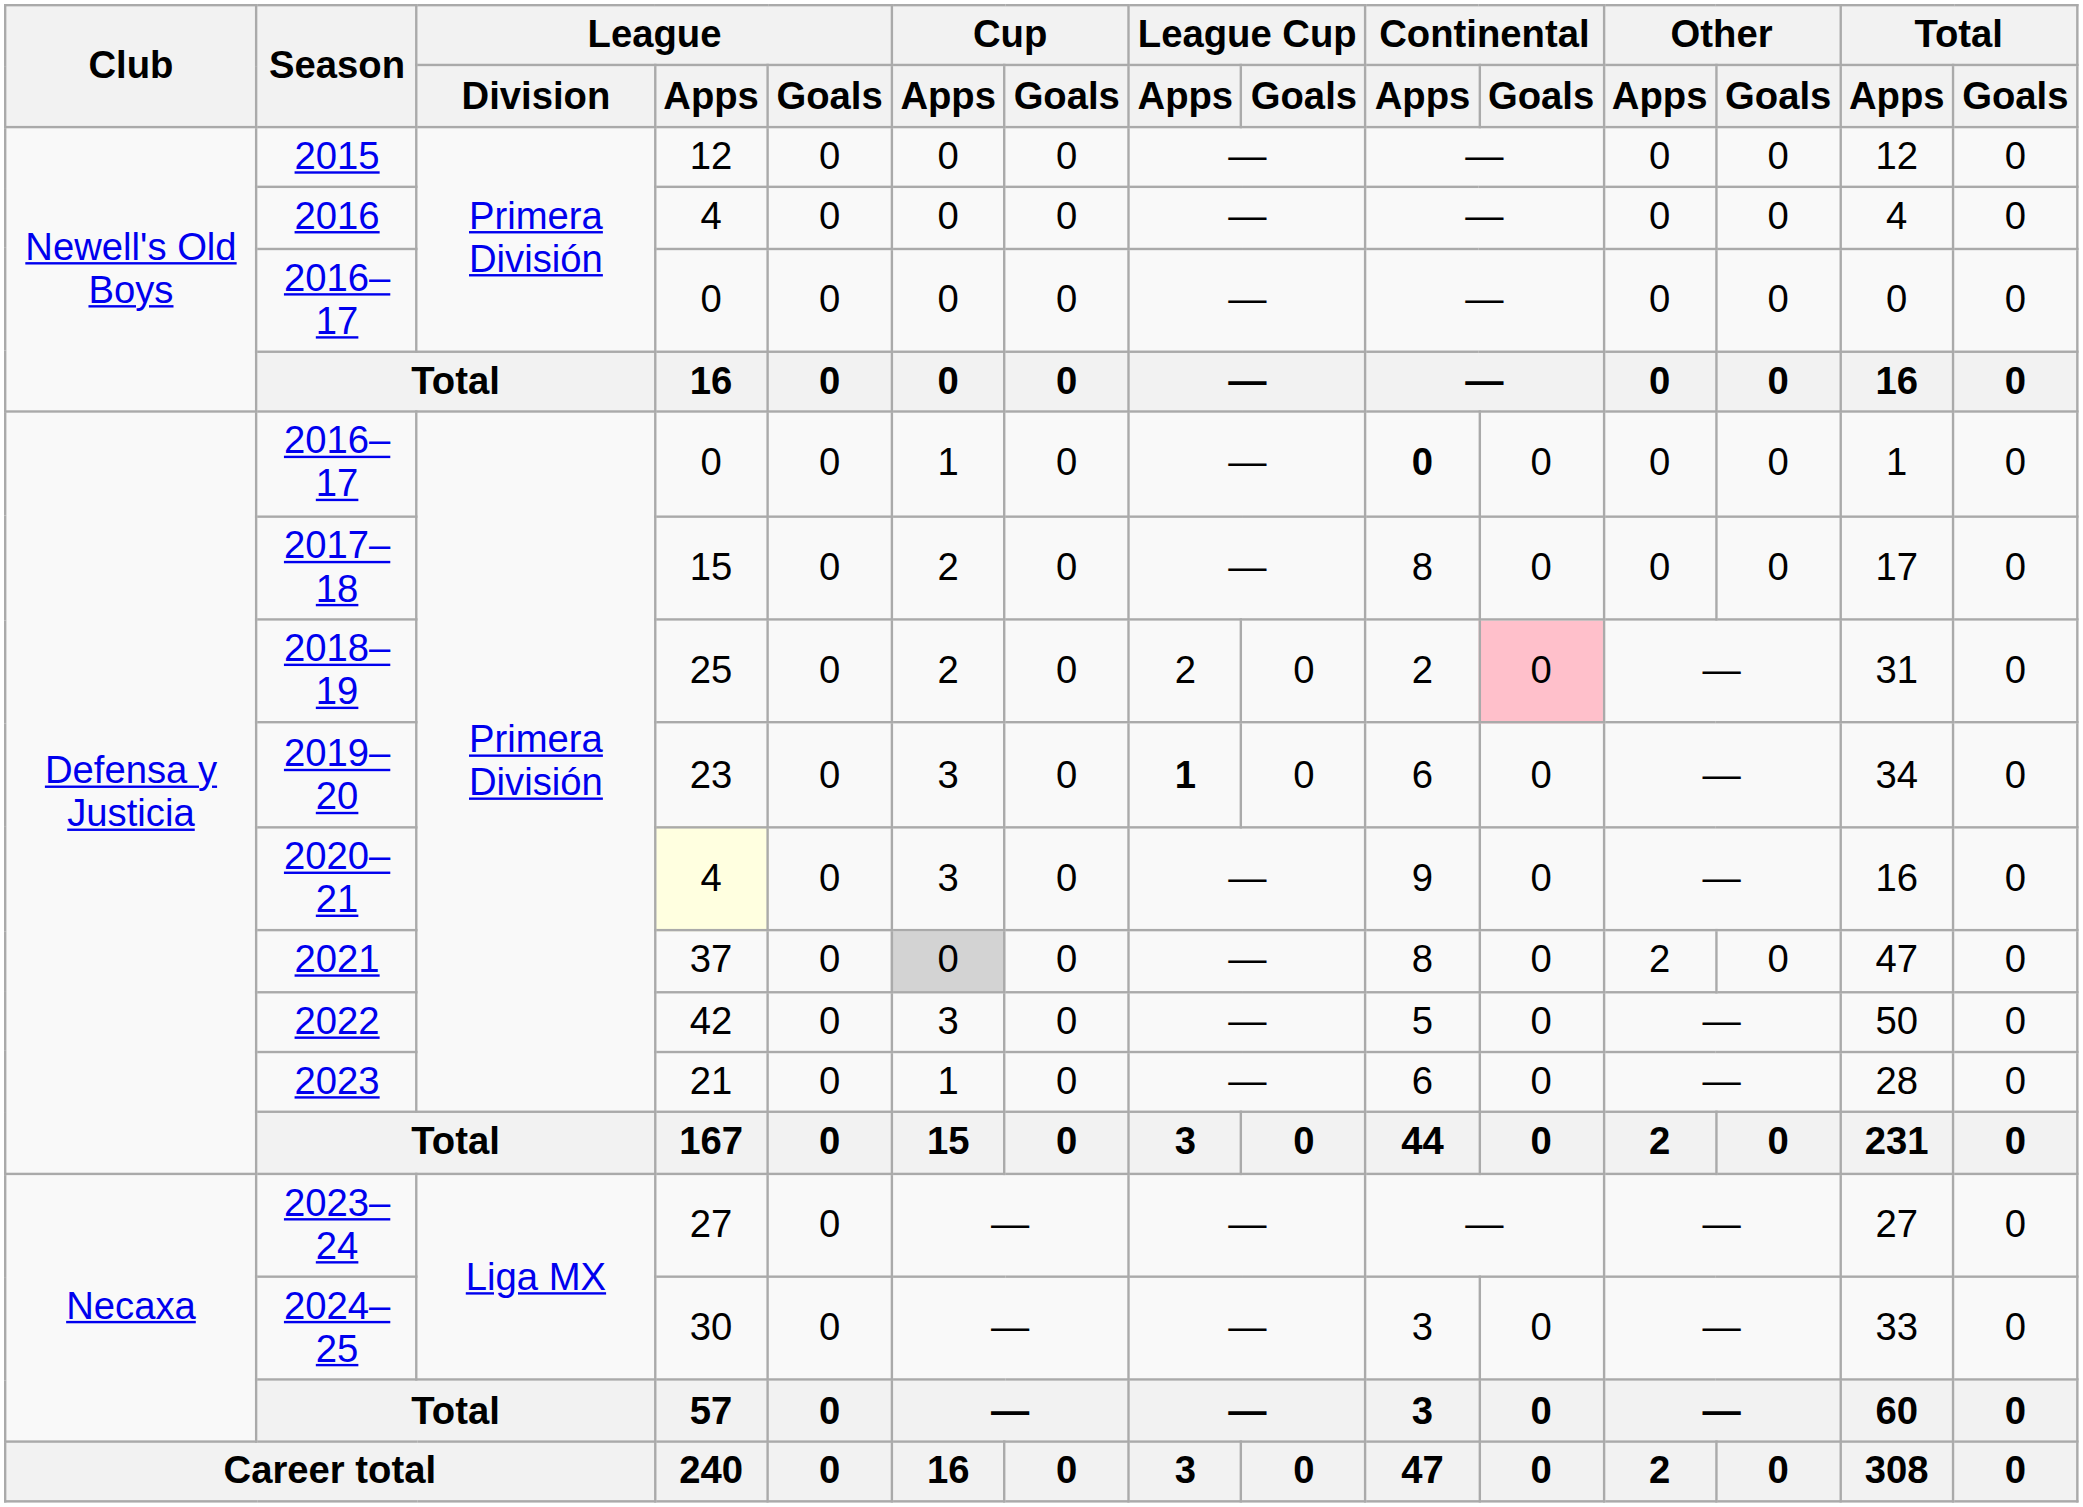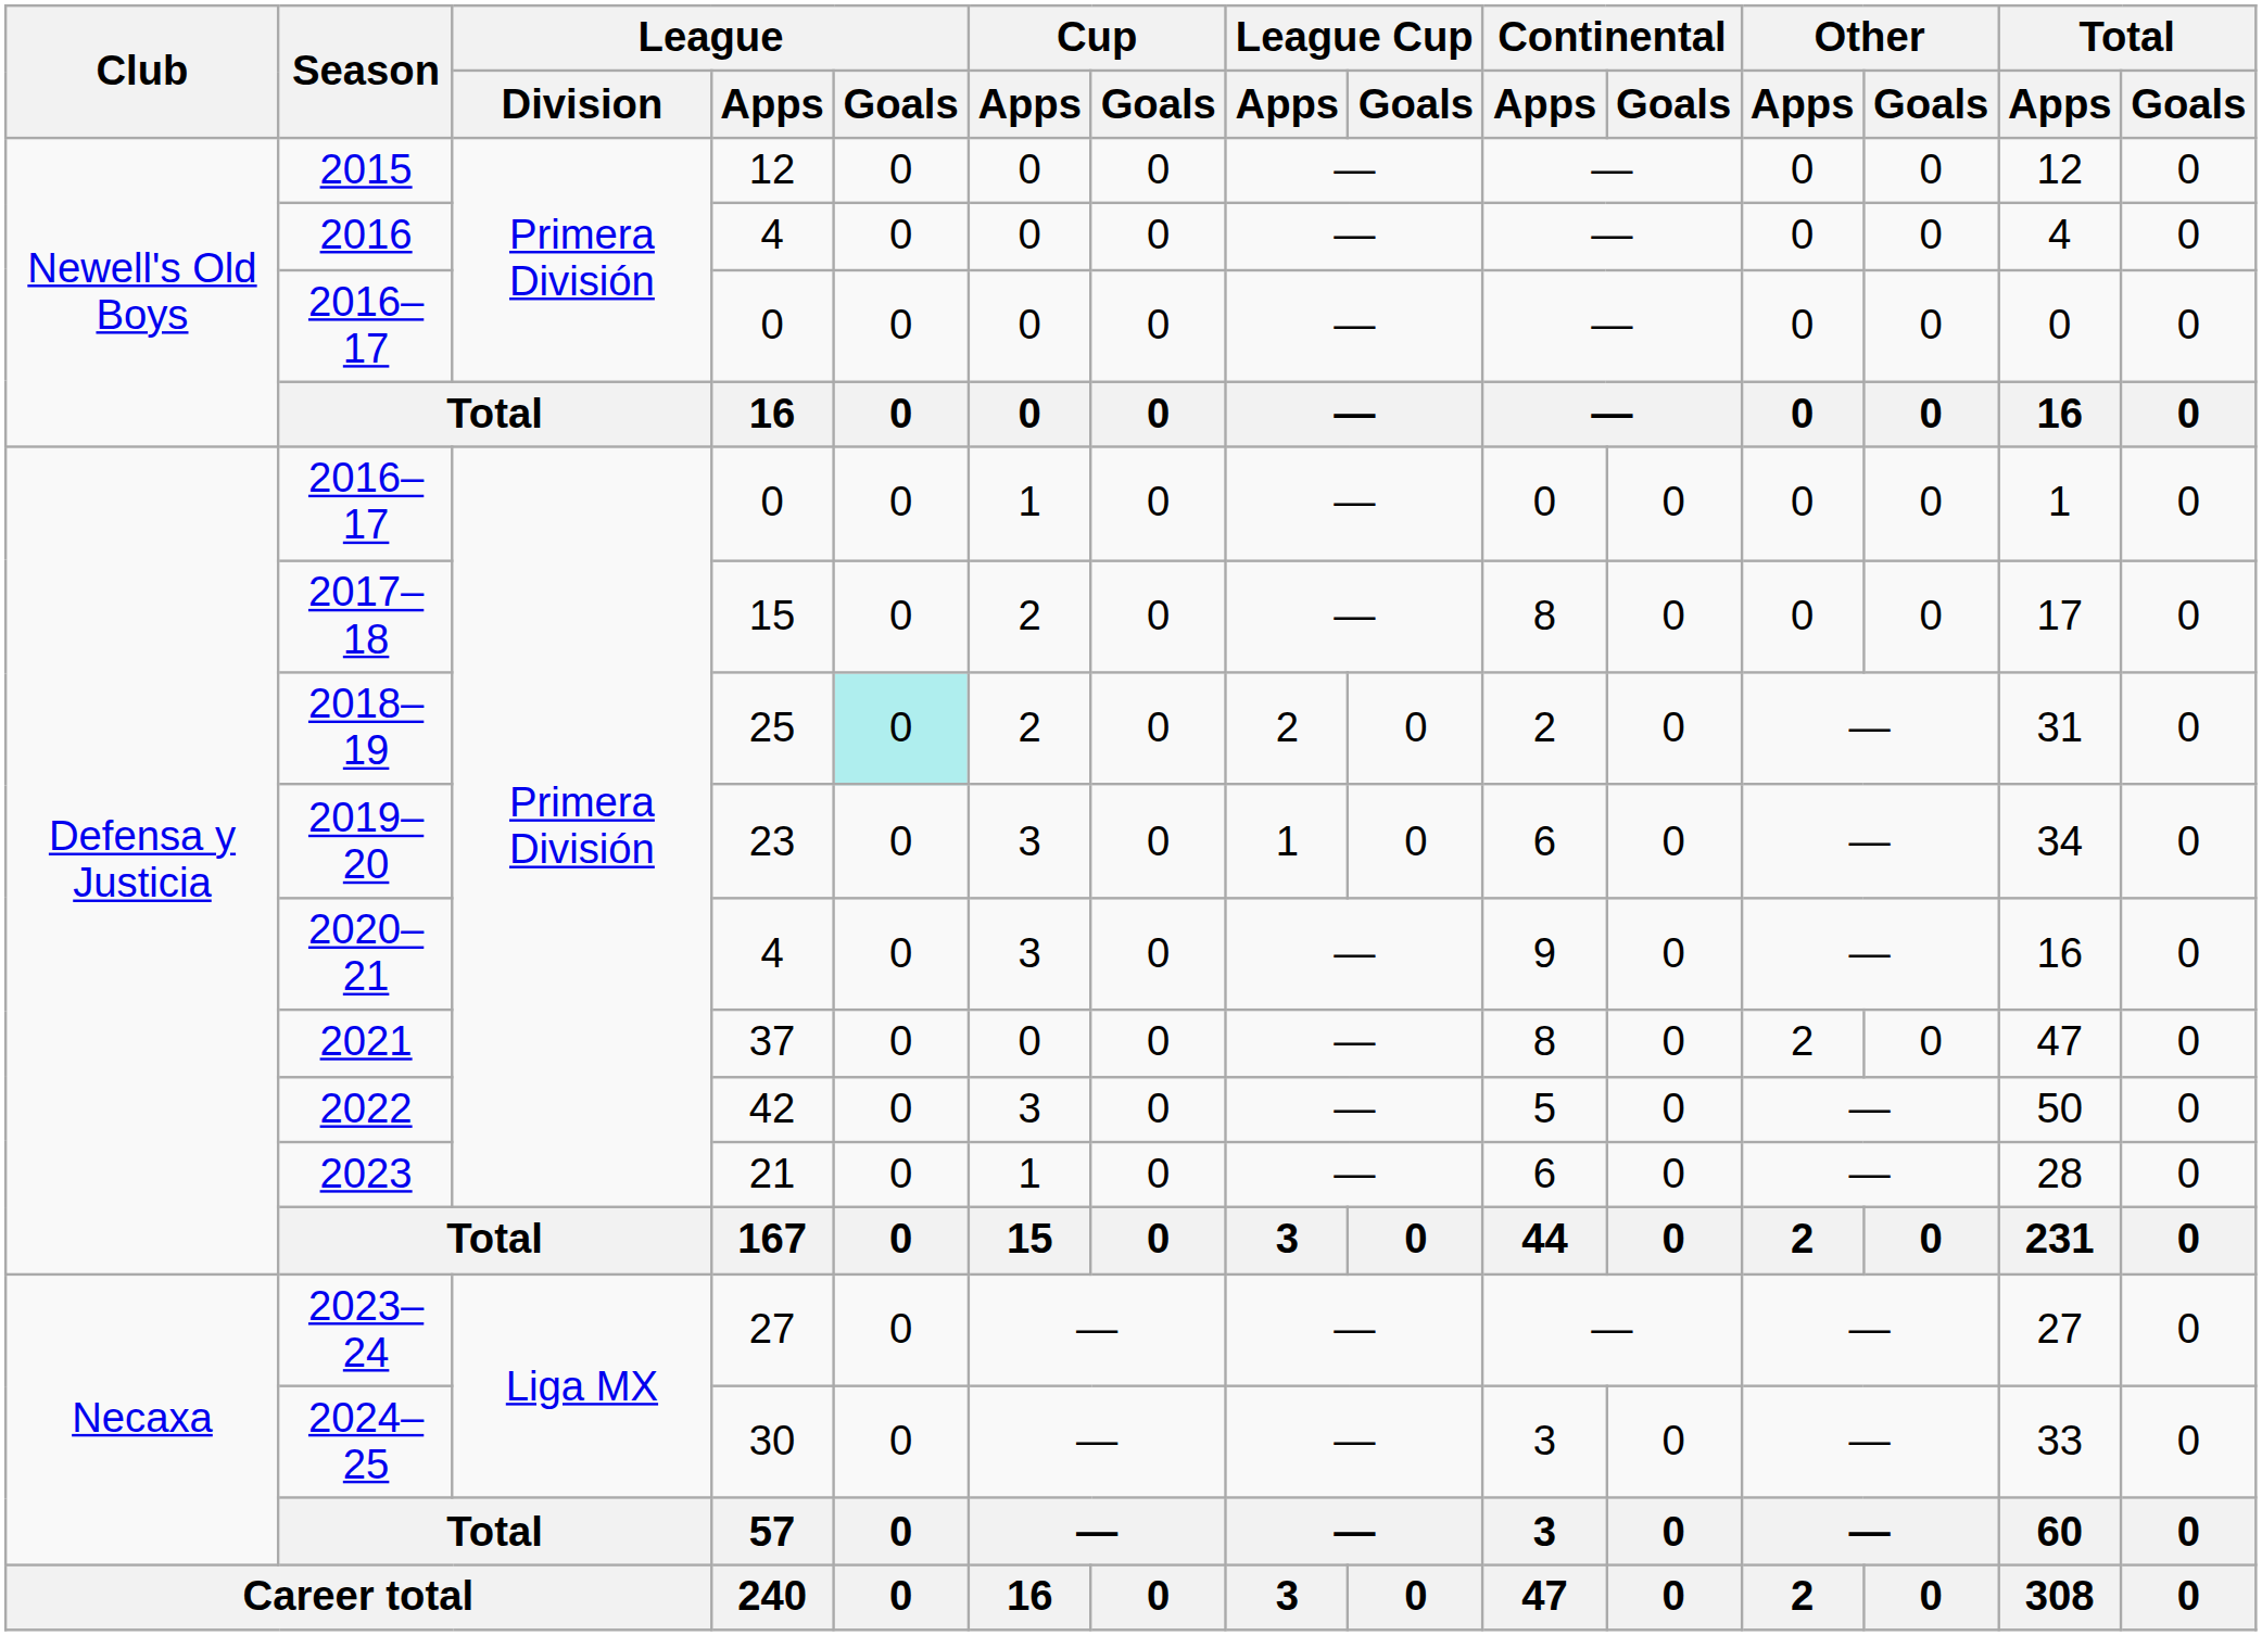 <table class="wikitable" style="text-align:center">
 <tr>
 <th rowspan="2">Club</th>
 <th rowspan="2">Season</th>
 <th colspan="3">League</th>
 <th colspan="2">Cup</th>
 <th colspan="2">League Cup</th>
 <th colspan="2">Continental</th>
 <th colspan="2">Other</th>
 <th colspan="2">Total</th>
 </tr>
 <tr>
 <th>Division</th>
 <th>Apps</th>
 <th>Goals</th>
 <th>Apps</th>
 <th>Goals</th>
 <th>Apps</th>
 <th>Goals</th>
 <th>Apps</th>
 <th>Goals</th>
 <th>Apps</th>
 <th>Goals</th>
 <th>Apps</th>
 <th>Goals</th>
 </tr>
 <tr>
 <td rowspan="4"><a href='#'>Newell's Old Boys</a></td>
 <td><a href='#'>2015</a></td>
 <td rowspan="3"><a href='#'>Primera División</a></td>
 <td>12</td>
 <td>0</td>
 <td>0</td>
 <td>0</td>
 <td colspan="2">—</td>
 <td colspan="2">—</td>
 <td>0</td>
 <td>0</td>
 <td>12</td>
 <td>0</td>
 </tr>
 <tr>
 <td><a href='#'>2016</a></td>
 <td>4</td>
 <td>0</td>
 <td>0</td>
 <td>0</td>
 <td colspan="2">—</td>
 <td colspan="2">—</td>
 <td>0</td>
 <td>0</td>
 <td>4</td>
 <td>0</td>
 </tr>
 <tr>
 <td><a href='#'>2016–17</a></td>
 <td>0</td>
 <td>0</td>
 <td>0</td>
 <td>0</td>
 <td colspan="2">—</td>
 <td colspan="2">—</td>
 <td>0</td>
 <td>0</td>
 <td>0</td>
 <td>0</td>
 </tr>
 <tr>
 <th colspan="2">Total</th>
 <th>16</th>
 <th>0</th>
 <th>0</th>
 <th>0</th>
 <th colspan="2">—</th>
 <th colspan="2">—</th>
 <th>0</th>
 <th>0</th>
 <th>16</th>
 <th>0</th>
 </tr>
 <tr>
 <td rowspan="9"><a href='#'>Defensa y Justicia</a></td>
 <td><a href='#'>2016–17</a></td>
 <td rowspan="8"><a href='#'>Primera División</a></td>
 <td>0</td>
 <td>0</td>
 <td>1</td>
 <td>0</td>
 <td colspan="2">—</td>
-<td><strong>0</strong></td>
+<td>0</td>
 <td>0</td>
 <td>0</td>
 <td>0</td>
 <td>1</td>
 <td>0</td>
 </tr>
 <tr>
 <td><a href='#'>2017–18</a></td>
 <td>15</td>
 <td>0</td>
 <td>2</td>
 <td>0</td>
 <td colspan="2">—</td>
 <td>8</td>
 <td>0</td>
 <td>0</td>
 <td>0</td>
 <td>17</td>
 <td>0</td>
 </tr>
 <tr>
 <td><a href='#'>2018–19</a></td>
 <td>25</td>
+<td style="background: paleturquoise;">0</td>
+<td>2</td>
 <td>0</td>
 <td>2</td>
 <td>0</td>
 <td>2</td>
 <td>0</td>
-<td>2</td>
-<td style="background: pink;">0</td>
 <td colspan="2">—</td>
 <td>31</td>
 <td>0</td>
 </tr>
 <tr>
 <td><a href='#'>2019–20</a></td>
 <td>23</td>
 <td>0</td>
 <td>3</td>
 <td>0</td>
-<td><strong>1</strong></td>
+<td>1</td>
 <td>0</td>
 <td>6</td>
 <td>0</td>
 <td colspan="2">—</td>
 <td>34</td>
 <td>0</td>
 </tr>
 <tr>
 <td><a href='#'>2020–21</a></td>
-<td style="background: lightyellow;">4</td>
+<td>4</td>
 <td>0</td>
 <td>3</td>
 <td>0</td>
 <td colspan="2">—</td>
 <td>9</td>
 <td>0</td>
 <td colspan="2">—</td>
 <td>16</td>
 <td>0</td>
 </tr>
 <tr>
 <td><a href='#'>2021</a></td>
 <td>37</td>
 <td>0</td>
-<td style="background: lightgrey;">0</td>
+<td>0</td>
 <td>0</td>
 <td colspan="2">—</td>
 <td>8</td>
 <td>0</td>
 <td>2</td>
 <td>0</td>
 <td>47</td>
 <td>0</td>
 </tr>
 <tr>
 <td><a href='#'>2022</a></td>
 <td>42</td>
 <td>0</td>
 <td>3</td>
 <td>0</td>
 <td colspan="2">—</td>
 <td>5</td>
 <td>0</td>
 <td colspan="2">—</td>
 <td>50</td>
 <td>0</td>
 </tr>
 <tr>
 <td><a href='#'>2023</a></td>
 <td>21</td>
 <td>0</td>
 <td>1</td>
 <td>0</td>
 <td colspan="2">—</td>
 <td>6</td>
 <td>0</td>
 <td colspan="2">—</td>
 <td>28</td>
 <td>0</td>
 </tr>
 <tr>
 <th colspan="2">Total</th>
 <th>167</th>
 <th>0</th>
 <th>15</th>
 <th>0</th>
 <th>3</th>
 <th>0</th>
 <th>44</th>
 <th>0</th>
 <th>2</th>
 <th>0</th>
 <th>231</th>
 <th>0</th>
 </tr>
 <tr>
 <td rowspan="3"><a href='#'>Necaxa</a></td>
 <td><a href='#'>2023–24</a></td>
 <td rowspan="2"><a href='#'>Liga MX</a></td>
 <td>27</td>
 <td>0</td>
 <td colspan="2">—</td>
 <td colspan="2">—</td>
 <td colspan="2">—</td>
 <td colspan="2">—</td>
 <td>27</td>
 <td>0</td>
 </tr>
 <tr>
 <td><a href='#'>2024–25</a></td>
 <td>30</td>
 <td>0</td>
 <td colspan="2">—</td>
 <td colspan="2">—</td>
 <td>3</td>
 <td>0</td>
 <td colspan="2">—</td>
 <td>33</td>
 <td>0</td>
 </tr>
 <tr>
 <th colspan="2">Total</th>
 <th>57</th>
 <th>0</th>
 <th colspan="2">—</th>
 <th colspan="2">—</th>
 <th>3</th>
 <th>0</th>
 <th colspan="2">—</th>
 <th>60</th>
 <th>0</th>
 </tr>
 <tr>
 <th colspan="3">Career total</th>
 <th>240</th>
 <th>0</th>
 <th>16</th>
 <th>0</th>
 <th>3</th>
 <th>0</th>
 <th>47</th>
 <th>0</th>
 <th>2</th>
 <th>0</th>
 <th>308</th>
 <th>0</th>
 </tr>
 </table>
